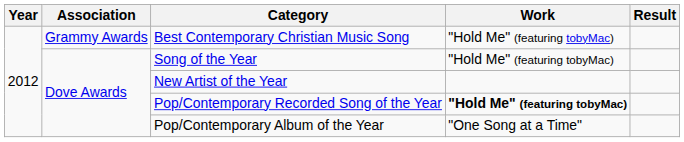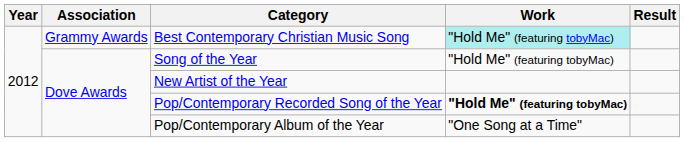 <table class="wikitable">
 <tr>
 <th>Year</th>
 <th>Association</th>
 <th>Category</th>
 <th>Work</th>
 <th>Result</th>
 </tr>
 <tr>
 <td rowspan="5">2012</td>
 <td><a href='#'>Grammy Awards</a></td>
 <td><a href='#'>Best Contemporary Christian Music Song</a></td>
-<td>"Hold Me" <small>(featuring <a href='#'>tobyMac</a>)</small></td>
+<td style="background: paleturquoise;">"Hold Me" <small>(featuring <a href='#'>tobyMac</a>)</small></td>
 <td></td>
 </tr>
 <tr>
 <td rowspan="4"><a href='#'>Dove Awards</a></td>
 <td><a href='#'>Song of the Year</a></td>
 <td>"Hold Me" <small>(featuring tobyMac)</small></td>
 <td></td>
 </tr>
 <tr>
 <td><a href='#'>New Artist of the Year</a></td>
 <td></td>
 <td></td>
 </tr>
 <tr>
 <td><a href='#'>Pop/Contemporary Recorded Song of the Year</a></td>
 <td><strong>"Hold Me" <small>(featuring tobyMac)</small></strong></td>
 <td></td>
 </tr>
 <tr>
 <td>Pop/Contemporary Album of the Year</td>
 <td>"One Song at a Time"</td>
 <td></td>
 </tr>
 </table>
